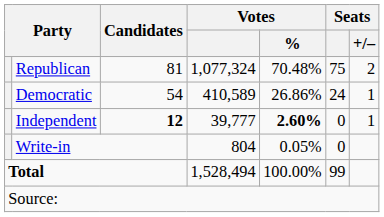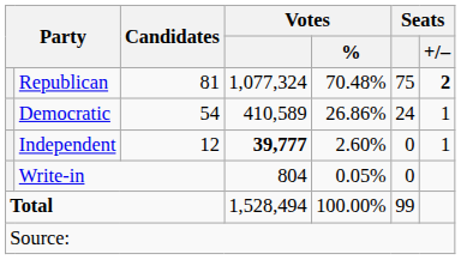 <table class="wikitable">
 <tr>
 <th rowspan="2" colspan="2">Party</th>
 <th rowspan="2">Candidates</th>
 <th colspan="2">Votes</th>
 <th colspan="4">Seats</th>
 </tr>
 <tr>
 <th></th>
 <th>%</th>
 <th></th>
 <th>+/–</th>
 </tr>
 <tr>
 <th style="background-color:"></th>
 <td><a href='#'>Republican</a></td>
 <td align="right">81</td>
 <td align="right">1,077,324</td>
 <td align="right">70.48%</td>
 <td align="right">75</td>
-<td align="right"> 2</td>
+<td align="right"><strong> 2</strong></td>
 </tr>
 <tr>
 <th style="background-color:"></th>
 <td><a href='#'>Democratic</a></td>
 <td align="right">54</td>
 <td align="right">410,589</td>
 <td align="right">26.86%</td>
 <td align="right">24</td>
 <td align="right"> 1</td>
 </tr>
 <tr>
 <th style="background-color:"></th>
 <td><a href='#'>Independent</a></td>
-<td align="right"><strong>12</strong></td>
-<td align="right">39,777</td>
-<td align="right"><strong>2.60%</strong></td>
+<td align="right">12</td>
+<td align="right"><strong>39,777</strong></td>
+<td align="right">2.60%</td>
 <td align="right">0</td>
 <td align="right"> 1</td>
 </tr>
 <tr>
 <th style="background-color:"></th>
 <td colspan="2" align="left"><a href='#'>Write-in</a></td>
 <td align="right">804</td>
 <td align="right">0.05%</td>
 <td align="right">0</td>
 <td align="right"></td>
 </tr>
 <tr>
 <td colspan="3" align="left"><strong>Total</strong></td>
 <td align="right">1,528,494</td>
 <td align="right">100.00%</td>
 <td align="right">99</td>
 <td align="right"></td>
 </tr>
 <tr>
 <td colspan="10">Source: </td>
 </tr>
 </table>
